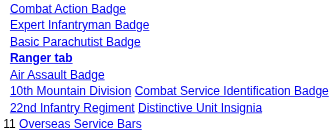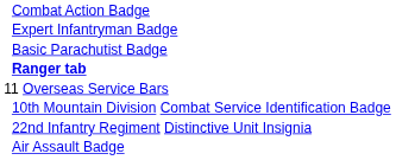 <table>
 <tr>
 <td>  <a href='#'>Combat Action Badge</a></td>
 </tr>
 <tr>
 <td>  <a href='#'>Expert Infantryman Badge</a></td>
 </tr>
 <tr>
 <td>  <a href='#'>Basic Parachutist Badge</a></td>
 </tr>
 <tr>
 <td><strong>  <a href='#'>Ranger tab</a></strong></td>
 </tr>
 <tr>
-<td>  <a href='#'>Air Assault Badge</a></td>
+<td> 11 <a href='#'>Overseas Service Bars</a></td>
 </tr>
 <tr>
 <td>  <a href='#'>10th Mountain Division</a> <a href='#'>Combat Service Identification Badge</a></td>
 </tr>
 <tr>
 <td>  <a href='#'>22nd Infantry Regiment</a> <a href='#'>Distinctive Unit Insignia</a></td>
 </tr>
 <tr>
-<td> 11 <a href='#'>Overseas Service Bars</a></td>
+<td>  <a href='#'>Air Assault Badge</a></td>
 </tr>
 </table>
